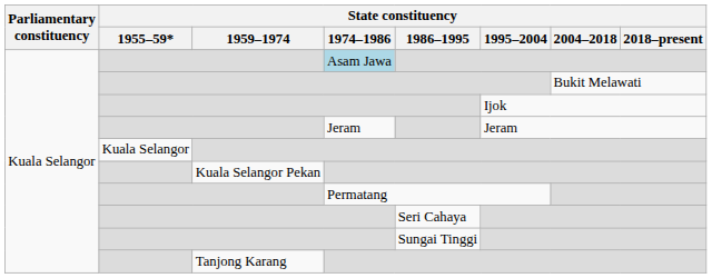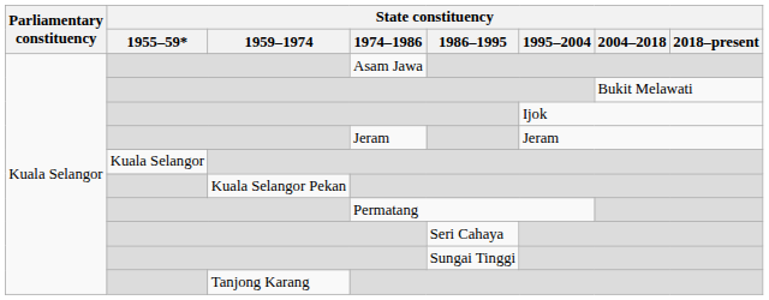 <table class="wikitable">
 <tr>
 <th rowspan="2">Parliamentary<br>constituency</th>
 <th colspan="7">State constituency</th>
 </tr>
 <tr>
 <th>1955–59*</th>
 <th>1959–1974</th>
 <th>1974–1986</th>
 <th>1986–1995</th>
 <th>1995–2004</th>
 <th>2004–2018</th>
 <th>2018–present</th>
 </tr>
 <tr>
 <td rowspan="10">Kuala Selangor</td>
 <td colspan="2" bgcolor="dcdcdc"></td>
-<td style="background: lightblue;">Asam Jawa</td>
+<td>Asam Jawa</td>
 <td colspan="4" bgcolor="dcdcdc"></td>
 </tr>
 <tr>
 <td colspan="5" bgcolor="dcdcdc"></td>
 <td colspan="2">Bukit Melawati</td>
 </tr>
 <tr>
 <td colspan="4" bgcolor="dcdcdc"></td>
 <td colspan="3">Ijok</td>
 </tr>
 <tr>
 <td colspan="2" bgcolor="dcdcdc"></td>
 <td>Jeram</td>
 <td bgcolor="dcdcdc"></td>
 <td colspan="3">Jeram</td>
 </tr>
 <tr>
 <td>Kuala Selangor</td>
 <td colspan="6" bgcolor="dcdcdc"></td>
 </tr>
 <tr>
 <td bgcolor="dcdcdc"></td>
 <td>Kuala Selangor Pekan</td>
 <td colspan="5" bgcolor="dcdcdc"></td>
 </tr>
 <tr>
 <td colspan="2" bgcolor="dcdcdc"></td>
 <td colspan="3">Permatang</td>
 <td colspan="2" bgcolor="dcdcdc"></td>
 </tr>
 <tr>
 <td colspan="3" bgcolor="dcdcdc"></td>
 <td>Seri Cahaya</td>
 <td colspan="3" bgcolor="dcdcdc"></td>
 </tr>
 <tr>
 <td colspan="3" bgcolor="dcdcdc"></td>
 <td>Sungai Tinggi</td>
 <td colspan="3" bgcolor="dcdcdc"></td>
 </tr>
 <tr>
 <td bgcolor="dcdcdc"></td>
 <td>Tanjong Karang</td>
 <td colspan="5" bgcolor="dcdcdc"></td>
 </tr>
 </table>
